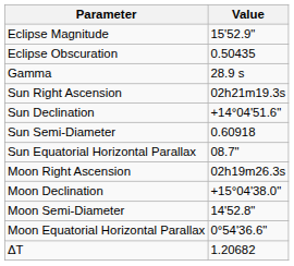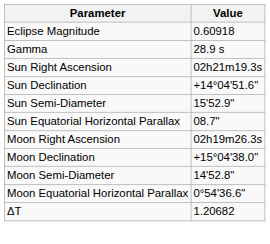 <table class="wikitable">
 <tr>
 <th>Parameter</th>
 <th>Value</th>
 </tr>
 <tr>
 <td>Eclipse Magnitude</td>
-<td>15'52.9"</td>
-</tr>
-<tr>
-<td>Eclipse Obscuration</td>
-<td>0.50435</td>
+<td>0.60918</td>
 </tr>
 <tr>
 <td>Gamma</td>
 <td>28.9 s</td>
 </tr>
 <tr>
 <td>Sun Right Ascension</td>
 <td>02h21m19.3s</td>
 </tr>
 <tr>
 <td>Sun Declination</td>
 <td>+14°04'51.6"</td>
 </tr>
 <tr>
 <td>Sun Semi-Diameter</td>
-<td>0.60918</td>
+<td>15'52.9"</td>
 </tr>
 <tr>
 <td>Sun Equatorial Horizontal Parallax</td>
 <td>08.7"</td>
 </tr>
 <tr>
 <td>Moon Right Ascension</td>
 <td>02h19m26.3s</td>
 </tr>
 <tr>
 <td>Moon Declination</td>
 <td>+15°04'38.0"</td>
 </tr>
 <tr>
 <td>Moon Semi-Diameter</td>
 <td>14'52.8"</td>
 </tr>
 <tr>
 <td>Moon Equatorial Horizontal Parallax</td>
 <td>0°54'36.6"</td>
 </tr>
 <tr>
 <td>ΔT</td>
 <td>1.20682</td>
 </tr>
 </table>
